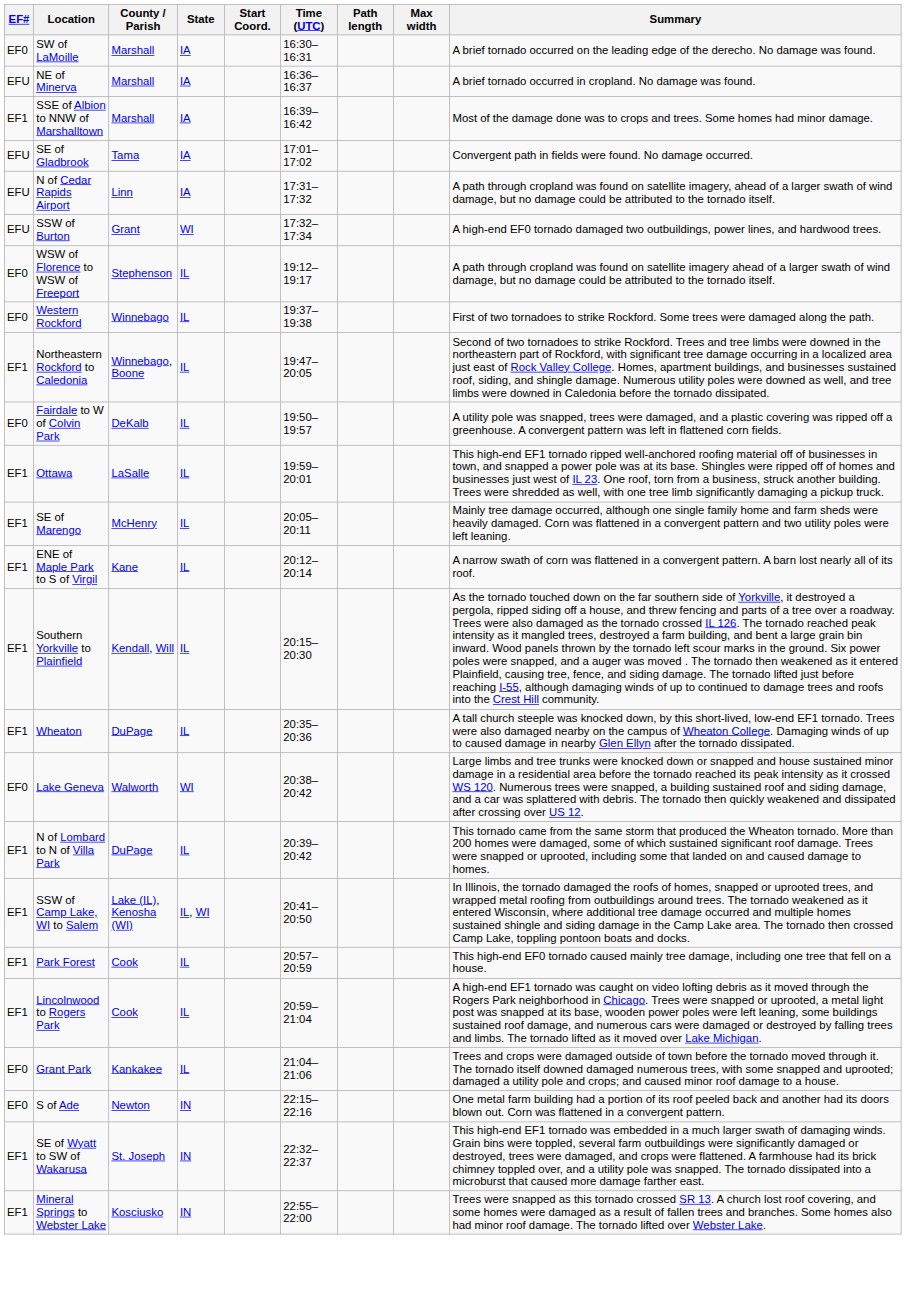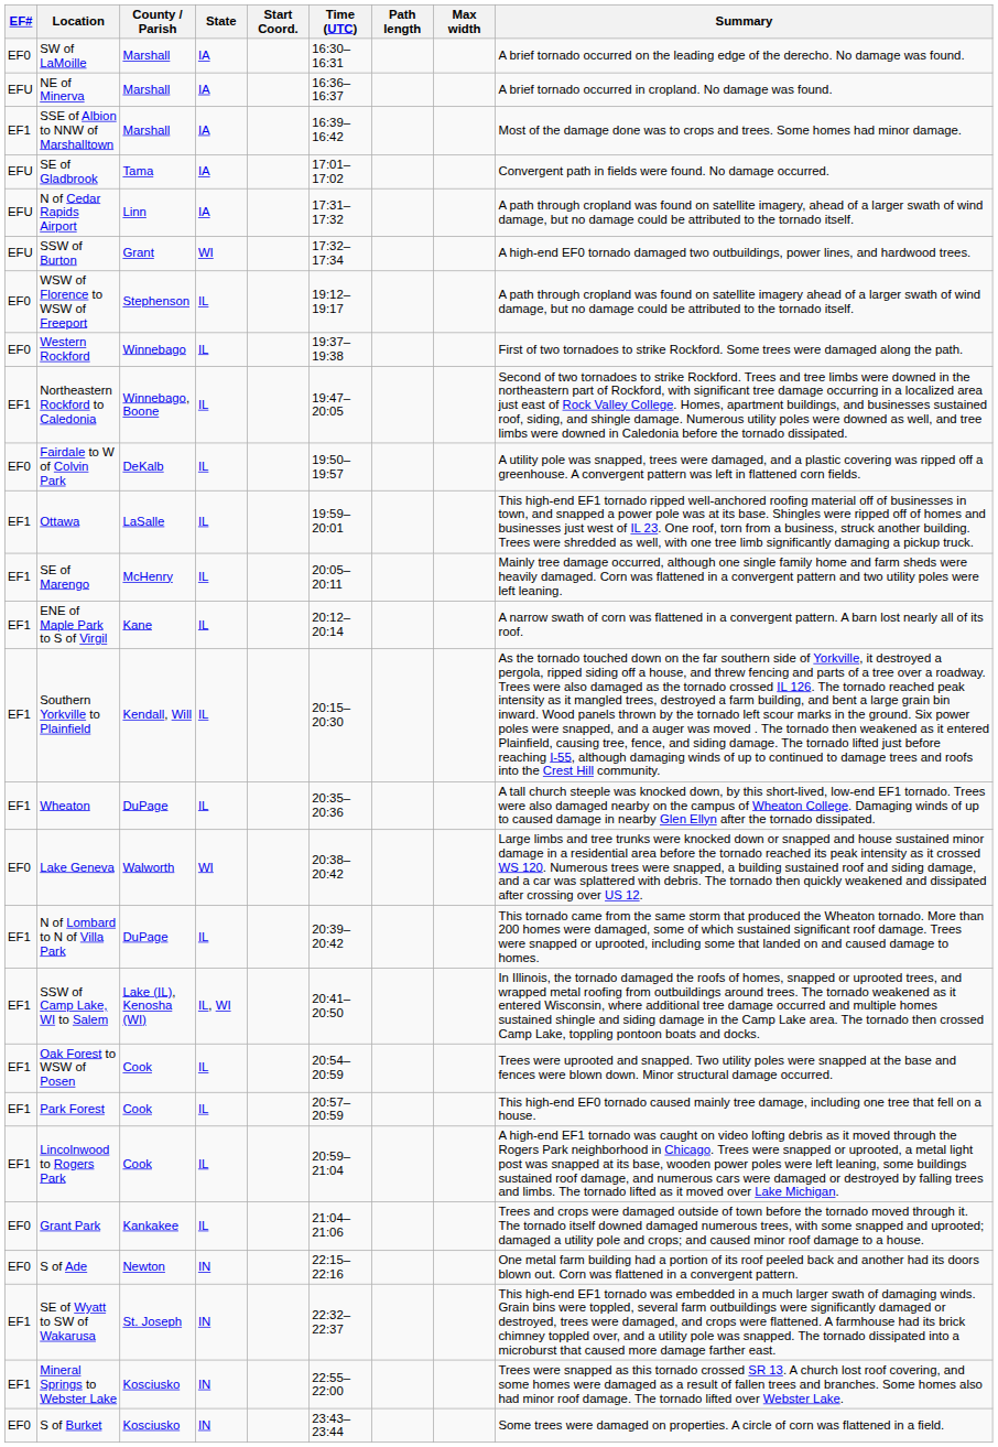 <table class="wikitable sortable" style="width:100%;">
 <tr>
 <th scope="col"  style="width:3%; text-align:center;"><a href='#'>EF#</a></th>
 <th scope="col"  style="width:7%; text-align:center;" class="unsortable">Location</th>
 <th scope="col"  style="width:6%; text-align:center;" class="unsortable">County / Parish</th>
 <th scope="col"  style="width:5%; text-align:center;">State</th>
 <th scope="col"  style="width:6%; text-align:center;">Start Coord.</th>
 <th scope="col"  style="width:6%; text-align:center;">Time (<a href='#'>UTC</a>)</th>
 <th scope="col"  style="width:6%; text-align:center;">Path length</th>
 <th scope="col"  style="width:6%; text-align:center;">Max width</th>
 <th scope="col" class="unsortable" style="width:48%; text-align:center;">Summary</th>
 </tr>
 <tr>
 <td>EF0</td>
 <td>SW of <a href='#'>LaMoille</a></td>
 <td><a href='#'>Marshall</a></td>
 <td><a href='#'>IA</a></td>
 <td></td>
 <td>16:30–16:31</td>
 <td></td>
 <td></td>
 <td>A brief tornado occurred on the leading edge of the derecho. No damage was found.</td>
 </tr>
 <tr>
 <td>EFU</td>
 <td>NE of <a href='#'>Minerva</a></td>
 <td><a href='#'>Marshall</a></td>
 <td><a href='#'>IA</a></td>
 <td></td>
 <td>16:36–16:37</td>
 <td></td>
 <td></td>
 <td>A brief tornado occurred in cropland. No damage was found.</td>
 </tr>
 <tr>
 <td>EF1</td>
 <td>SSE of <a href='#'>Albion</a> to NNW of <a href='#'>Marshalltown</a></td>
 <td><a href='#'>Marshall</a></td>
 <td><a href='#'>IA</a></td>
 <td></td>
 <td>16:39–16:42</td>
 <td></td>
 <td></td>
 <td>Most of the damage done was to crops and trees. Some homes had minor damage.</td>
 </tr>
 <tr>
 <td>EFU</td>
 <td>SE of <a href='#'>Gladbrook</a></td>
 <td><a href='#'>Tama</a></td>
 <td><a href='#'>IA</a></td>
 <td></td>
 <td>17:01–17:02</td>
 <td></td>
 <td></td>
 <td>Convergent path in fields were found. No damage occurred.</td>
 </tr>
 <tr>
 <td>EFU</td>
 <td>N of <a href='#'>Cedar Rapids Airport</a></td>
 <td><a href='#'>Linn</a></td>
 <td><a href='#'>IA</a></td>
 <td></td>
 <td>17:31–17:32</td>
 <td></td>
 <td></td>
 <td>A path through cropland was found on satellite imagery, ahead of a larger swath of wind damage, but no damage could be attributed to the tornado itself.</td>
 </tr>
 <tr>
 <td>EFU</td>
 <td>SSW of <a href='#'>Burton</a></td>
 <td><a href='#'>Grant</a></td>
 <td><a href='#'>WI</a></td>
 <td></td>
 <td>17:32–17:34</td>
 <td></td>
 <td></td>
 <td>A high-end EF0 tornado damaged two outbuildings, power lines, and hardwood trees.</td>
 </tr>
 <tr>
 <td>EF0<br></td>
 <td>WSW of <a href='#'>Florence</a> to WSW of <a href='#'>Freeport</a></td>
 <td><a href='#'>Stephenson</a></td>
 <td><a href='#'>IL</a></td>
 <td></td>
 <td>19:12–19:17</td>
 <td></td>
 <td></td>
 <td>A path through cropland was found on satellite imagery ahead of a larger swath of wind damage, but no damage could be attributed to the tornado itself.</td>
 </tr>
 <tr>
 <td>EF0</td>
 <td><a href='#'>Western Rockford</a></td>
 <td><a href='#'>Winnebago</a></td>
 <td><a href='#'>IL</a></td>
 <td></td>
 <td>19:37–19:38</td>
 <td></td>
 <td></td>
 <td>First of two tornadoes to strike Rockford. Some trees were damaged along the path.</td>
 </tr>
 <tr>
 <td>EF1</td>
 <td>Northeastern <a href='#'>Rockford</a> to <a href='#'>Caledonia</a></td>
 <td><a href='#'>Winnebago</a>, <a href='#'>Boone</a></td>
 <td><a href='#'>IL</a></td>
 <td></td>
 <td>19:47–20:05</td>
 <td></td>
 <td></td>
 <td>Second of two tornadoes to strike Rockford. Trees and tree limbs were downed in the northeastern part of Rockford, with significant tree damage occurring in a localized area just east of <a href='#'>Rock Valley College</a>. Homes, apartment buildings, and businesses sustained roof, siding, and shingle damage. Numerous utility poles were downed as well, and tree limbs were downed in Caledonia before the tornado dissipated.</td>
 </tr>
 <tr>
 <td>EF0</td>
 <td><a href='#'>Fairdale</a> to W of <a href='#'>Colvin Park</a></td>
 <td><a href='#'>DeKalb</a></td>
 <td><a href='#'>IL</a></td>
 <td></td>
 <td>19:50–19:57</td>
 <td></td>
 <td></td>
 <td>A utility pole was snapped, trees were damaged, and a plastic covering was ripped off a greenhouse. A convergent pattern was left in flattened corn fields.</td>
 </tr>
 <tr>
 <td>EF1</td>
 <td><a href='#'>Ottawa</a></td>
 <td><a href='#'>LaSalle</a></td>
 <td><a href='#'>IL</a></td>
 <td></td>
 <td>19:59–20:01</td>
 <td></td>
 <td></td>
 <td>This high-end EF1 tornado ripped well-anchored roofing material off of businesses in town, and snapped a power pole was at its base. Shingles were ripped off of homes and businesses just west of <a href='#'>IL 23</a>. One roof, torn from a business, struck another building. Trees were shredded as well, with one tree limb significantly damaging a pickup truck.</td>
 </tr>
 <tr>
 <td>EF1</td>
 <td>SE of <a href='#'>Marengo</a></td>
 <td><a href='#'>McHenry</a></td>
 <td><a href='#'>IL</a></td>
 <td></td>
 <td>20:05–20:11</td>
 <td></td>
 <td></td>
 <td>Mainly tree damage occurred, although one single family home and farm sheds were heavily damaged. Corn was flattened in a convergent pattern and two utility poles were left leaning.</td>
 </tr>
 <tr>
 <td>EF1</td>
 <td>ENE of <a href='#'>Maple Park</a> to S of <a href='#'>Virgil</a></td>
 <td><a href='#'>Kane</a></td>
 <td><a href='#'>IL</a></td>
 <td></td>
 <td>20:12–20:14</td>
 <td></td>
 <td></td>
 <td>A narrow swath of corn was flattened in a convergent pattern. A barn lost nearly all of its roof.</td>
 </tr>
 <tr>
 <td>EF1</td>
 <td>Southern <a href='#'>Yorkville</a> to <a href='#'>Plainfield</a></td>
 <td><a href='#'>Kendall</a>, <a href='#'>Will</a></td>
 <td><a href='#'>IL</a></td>
 <td></td>
 <td>20:15–20:30</td>
 <td></td>
 <td></td>
 <td>As the tornado touched down on the far southern side of <a href='#'>Yorkville</a>, it destroyed a pergola, ripped siding off a house, and threw fencing and parts of a tree over a roadway. Trees were also damaged as the tornado crossed <a href='#'>IL 126</a>. The tornado reached peak intensity as it mangled trees, destroyed a farm building, and bent a large grain bin inward. Wood panels thrown by the tornado left scour marks in the ground. Six power poles were snapped, and a  auger was moved . The tornado then weakened as it entered Plainfield, causing tree, fence, and siding damage. The tornado lifted just before reaching <a href='#'>I-55</a>, although damaging winds of up to  continued to damage trees and roofs into the <a href='#'>Crest Hill</a> community.</td>
 </tr>
 <tr>
 <td>EF1</td>
 <td><a href='#'>Wheaton</a></td>
 <td><a href='#'>DuPage</a></td>
 <td><a href='#'>IL</a></td>
 <td></td>
 <td>20:35–20:36</td>
 <td></td>
 <td></td>
 <td>A  tall church steeple was knocked down, by this short-lived, low-end EF1 tornado. Trees were also damaged nearby on the campus of <a href='#'>Wheaton College</a>. Damaging winds of up to  caused damage in nearby <a href='#'>Glen Ellyn</a> after the tornado dissipated.</td>
 </tr>
 <tr>
 <td>EF0</td>
 <td><a href='#'>Lake Geneva</a></td>
 <td><a href='#'>Walworth</a></td>
 <td><a href='#'>WI</a></td>
 <td></td>
 <td>20:38–20:42</td>
 <td></td>
 <td></td>
 <td>Large limbs and tree trunks were knocked down or snapped and house sustained minor damage in a residential area before the tornado reached its peak intensity as it crossed <a href='#'>WS 120</a>. Numerous trees were snapped, a building sustained roof and siding damage, and a car was splattered with debris. The tornado then quickly weakened and dissipated after crossing over <a href='#'>US 12</a>.</td>
 </tr>
 <tr>
 <td>EF1</td>
 <td>N of <a href='#'>Lombard</a> to N of <a href='#'>Villa Park</a></td>
 <td><a href='#'>DuPage</a></td>
 <td><a href='#'>IL</a></td>
 <td></td>
 <td>20:39–20:42</td>
 <td></td>
 <td></td>
 <td>This tornado came from the same storm that produced the Wheaton tornado. More than 200 homes were damaged, some of which sustained significant roof damage. Trees were snapped or uprooted, including some that landed on and caused damage to homes.</td>
 </tr>
 <tr>
 <td>EF1</td>
 <td>SSW of <a href='#'>Camp Lake, WI</a> to <a href='#'>Salem</a></td>
 <td><a href='#'>Lake (IL)</a>, <a href='#'>Kenosha (WI)</a></td>
 <td><a href='#'>IL</a>, <a href='#'>WI</a></td>
 <td></td>
 <td>20:41–20:50</td>
 <td></td>
 <td></td>
 <td>In Illinois, the tornado damaged the roofs of homes, snapped or uprooted trees, and wrapped metal roofing from outbuildings around trees. The tornado weakened as it entered Wisconsin, where additional tree damage occurred and multiple homes sustained shingle and siding damage in the Camp Lake area. The tornado then crossed Camp Lake, toppling pontoon boats and docks.</td>
 </tr>
 <tr>
 <td>EF1</td>
+<td><a href='#'>Oak Forest</a> to WSW of <a href='#'>Posen</a></td>
+<td><a href='#'>Cook</a></td>
+<td><a href='#'>IL</a></td>
+<td></td>
+<td>20:54–20:59</td>
+<td></td>
+<td></td>
+<td>Trees were uprooted and snapped. Two utility poles were snapped at the base and fences were blown down. Minor structural damage occurred.</td>
+</tr>
+<tr>
+<td>EF1</td>
 <td><a href='#'>Park Forest</a></td>
 <td><a href='#'>Cook</a></td>
 <td><a href='#'>IL</a></td>
 <td></td>
 <td>20:57–20:59</td>
 <td></td>
 <td></td>
 <td>This high-end EF0 tornado caused mainly tree damage, including one tree that fell on a house.</td>
 </tr>
 <tr>
 <td>EF1</td>
 <td><a href='#'>Lincolnwood</a> to <a href='#'>Rogers Park</a></td>
 <td><a href='#'>Cook</a></td>
 <td><a href='#'>IL</a></td>
 <td></td>
 <td>20:59–21:04</td>
 <td></td>
 <td></td>
 <td>A high-end EF1 tornado was caught on video lofting debris as it moved through the Rogers Park neighborhood in <a href='#'>Chicago</a>. Trees were snapped or uprooted, a metal light post was snapped at its base, wooden power poles were left leaning, some buildings sustained roof damage, and numerous cars were damaged or destroyed by falling trees and limbs. The tornado lifted as it moved over <a href='#'>Lake Michigan</a>.</td>
 </tr>
 <tr>
 <td>EF0</td>
 <td><a href='#'>Grant Park</a></td>
 <td><a href='#'>Kankakee</a></td>
 <td><a href='#'>IL</a></td>
 <td></td>
 <td>21:04–21:06</td>
 <td></td>
 <td></td>
 <td>Trees and crops were damaged outside of town before the tornado moved through it. The tornado itself downed damaged numerous trees, with some snapped and uprooted; damaged a utility pole and crops; and caused minor roof damage to a house.</td>
 </tr>
 <tr>
 <td>EF0</td>
 <td>S of <a href='#'>Ade</a></td>
 <td><a href='#'>Newton</a></td>
 <td><a href='#'>IN</a></td>
 <td></td>
 <td>22:15–22:16</td>
 <td></td>
 <td></td>
 <td>One metal farm building had a portion of its roof peeled back and another had its doors blown out. Corn was flattened in a convergent pattern.</td>
 </tr>
 <tr>
 <td>EF1</td>
 <td>SE of <a href='#'>Wyatt</a> to SW of <a href='#'>Wakarusa</a></td>
 <td><a href='#'>St. Joseph</a></td>
 <td><a href='#'>IN</a></td>
 <td></td>
 <td>22:32–22:37</td>
 <td></td>
 <td></td>
 <td>This high-end EF1 tornado was embedded in a much larger swath of damaging winds. Grain bins were toppled, several farm outbuildings were significantly damaged or destroyed, trees were damaged, and crops were flattened. A farmhouse had its brick chimney toppled over, and a utility pole was snapped. The tornado dissipated into a microburst that caused more damage farther east.</td>
 </tr>
 <tr>
 <td>EF1</td>
 <td><a href='#'>Mineral Springs</a> to <a href='#'>Webster Lake</a></td>
 <td><a href='#'>Kosciusko</a></td>
 <td><a href='#'>IN</a></td>
 <td></td>
 <td>22:55–22:00</td>
 <td></td>
 <td></td>
 <td>Trees were snapped as this tornado crossed <a href='#'>SR 13</a>. A church lost roof covering, and some homes were damaged as a result of fallen trees and branches. Some homes also had minor roof damage. The tornado lifted over <a href='#'>Webster Lake</a>.</td>
 </tr>
+<tr>
+<td>EF0</td>
+<td>S of <a href='#'>Burket</a></td>
+<td><a href='#'>Kosciusko</a></td>
+<td><a href='#'>IN</a></td>
+<td></td>
+<td>23:43–23:44</td>
+<td></td>
+<td></td>
+<td>Some trees were damaged on properties. A  circle of corn was flattened in a field.</td>
+</tr>
 </table>
